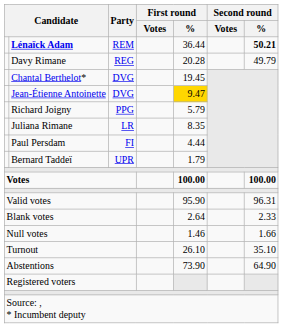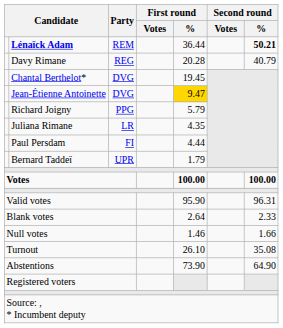 <table class="wikitable" style="text-align:right;font-size:95%;">
 <tr>
 <th colspan="2" rowspan="2">Candidate</th>
 <th rowspan="2">Party</th>
 <th colspan="2">First round</th>
 <th colspan="2">Second round</th>
 </tr>
 <tr>
 <th style="width:50px;">Votes</th>
 <th style="width:45px;">%</th>
 <th style="width:50px;">Votes</th>
 <th style="width:45px;">%</th>
 </tr>
 <tr>
 <td style="color:inherit;background:"></td>
 <td style="text-align:left;"><strong><a href='#'>Lénaïck Adam</a></strong></td>
 <td><a href='#'>REM</a></td>
 <td></td>
 <td>36.44</td>
 <td><strong></strong></td>
 <td><strong>50.21</strong></td>
 </tr>
 <tr>
 <td style="color:inherit;background:"></td>
 <td style="text-align:left;">Davy Rimane</td>
 <td><a href='#'>REG</a></td>
 <td></td>
 <td>20.28</td>
 <td></td>
-<td>49.79</td>
+<td>40.79</td>
 </tr>
 <tr>
 <td style="color:inherit;background:"></td>
 <td style="text-align:left;"><a href='#'>Chantal Berthelot</a>*</td>
 <td><a href='#'>DVG</a></td>
 <td></td>
 <td>19.45</td>
 <td colspan="2" rowspan="6" style="background:#E9E9E9;"></td>
 </tr>
 <tr>
 <td style="color:inherit;background:"></td>
 <td style="text-align:left;"><a href='#'>Jean-Étienne Antoinette</a></td>
 <td><a href='#'>DVG</a></td>
 <td></td>
 <td style="background: gold;">9.47</td>
 </tr>
 <tr>
 <td style="color:inherit;background:"></td>
 <td style="text-align:left;">Richard Joigny</td>
 <td><a href='#'>PPG</a></td>
 <td></td>
 <td>5.79</td>
 </tr>
 <tr>
 <td style="color:inherit;background:"></td>
 <td style="text-align:left;">Juliana Rimane</td>
 <td><a href='#'>LR</a></td>
 <td></td>
-<td>8.35</td>
+<td>4.35</td>
 </tr>
 <tr>
 <td style="color:inherit;background:"></td>
 <td style="text-align:left;">Paul Persdam</td>
 <td><a href='#'>FI</a></td>
 <td></td>
 <td>4.44</td>
 </tr>
 <tr>
 <td style="color:inherit;background:"></td>
 <td style="text-align:left;">Bernard Taddeï</td>
 <td><a href='#'>UPR</a></td>
 <td></td>
 <td>1.79</td>
 </tr>
 <tr>
 <td colspan="7" style="background:#E9E9E9;"></td>
 </tr>
 <tr style="font-weight:bold;">
 <td colspan="3" style="text-align:left;">Votes</td>
 <td></td>
 <td>100.00</td>
 <td></td>
 <td>100.00</td>
 </tr>
 <tr>
 <td colspan="7" style="background:#E9E9E9;"></td>
 </tr>
 <tr>
 <td colspan="3" style="text-align:left;">Valid votes</td>
 <td></td>
 <td>95.90</td>
 <td></td>
 <td>96.31</td>
 </tr>
 <tr>
 <td colspan="3" style="text-align:left;">Blank votes</td>
 <td></td>
 <td>2.64</td>
 <td></td>
 <td>2.33</td>
 </tr>
 <tr>
 <td colspan="3" style="text-align:left;">Null votes</td>
 <td></td>
 <td>1.46</td>
 <td></td>
 <td>1.66</td>
 </tr>
 <tr>
 <td colspan="3" style="text-align:left;">Turnout</td>
 <td></td>
 <td>26.10</td>
 <td></td>
-<td>35.10</td>
+<td>35.08</td>
 </tr>
 <tr>
 <td colspan="3" style="text-align:left;">Abstentions</td>
 <td></td>
 <td>73.90</td>
 <td></td>
 <td>64.90</td>
 </tr>
 <tr>
 <td colspan="3" style="text-align:left;">Registered voters</td>
 <td></td>
 <td style="background:#E9E9E9;"></td>
 <td></td>
 <td style="background:#E9E9E9;"></td>
 </tr>
 <tr>
 <td colspan="7" style="background:#E9E9E9;"></td>
 </tr>
 <tr>
 <td colspan="7" style="text-align:left;">Source: , <br>* Incumbent deputy</td>
 </tr>
 </table>
